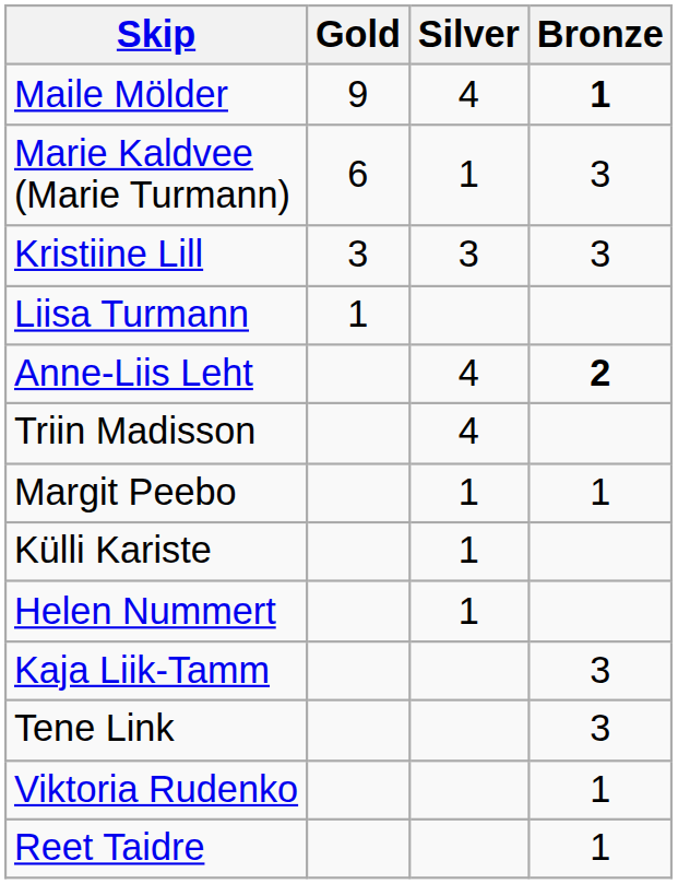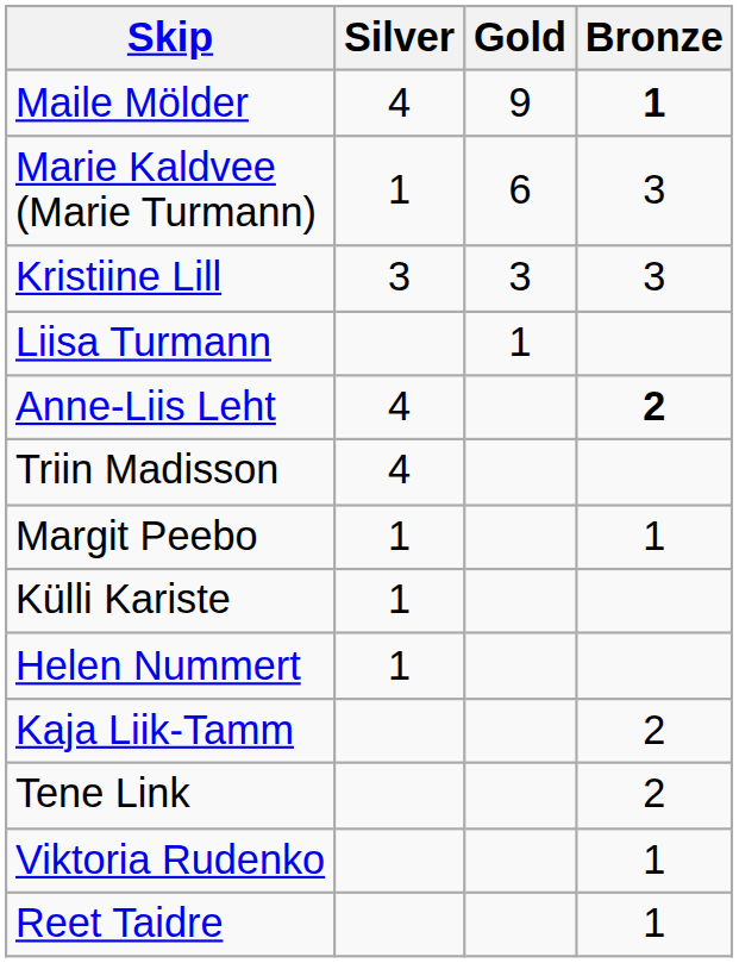 <table class="wikitable" style="text-align:center;">
 <tr>
 <th><a href='#'>Skip</a></th>
+<th>Silver</th>
 <th>Gold</th>
-<th>Silver</th>
 <th>Bronze</th>
 </tr>
 <tr>
 <td align="left"><a href='#'>Maile Mölder</a></td>
+<td>4</td>
 <td>9</td>
-<td>4</td>
 <td><strong>1</strong></td>
 </tr>
 <tr>
 <td align="left"><a href='#'>Marie Kaldvee</a><br>(Marie Turmann)</td>
+<td>1</td>
 <td>6</td>
-<td>1</td>
 <td>3</td>
 </tr>
 <tr>
 <td align="left"><a href='#'>Kristiine Lill</a></td>
 <td>3</td>
 <td>3</td>
 <td>3</td>
 </tr>
 <tr>
 <td align="left"><a href='#'>Liisa Turmann</a></td>
+<td></td>
+<td>1</td>
+<td></td>
+</tr>
+<tr>
+<td align="left"><a href='#'>Anne-Liis Leht</a></td>
+<td>4</td>
+<td></td>
+<td><strong>2</strong></td>
+</tr>
+<tr>
+<td align="left">Triin Madisson</td>
+<td>4</td>
+<td></td>
+<td></td>
+</tr>
+<tr>
+<td align="left">Margit Peebo</td>
+<td>1</td>
+<td></td>
+<td>1</td>
+</tr>
+<tr>
+<td align="left">Külli Kariste</td>
 <td>1</td>
 <td></td>
 <td></td>
 </tr>
 <tr>
-<td align="left"><a href='#'>Anne-Liis Leht</a></td>
-<td></td>
-<td>4</td>
-<td><strong>2</strong></td>
-</tr>
-<tr>
-<td align="left">Triin Madisson</td>
-<td></td>
-<td>4</td>
-<td></td>
-</tr>
-<tr>
-<td align="left">Margit Peebo</td>
-<td></td>
-<td>1</td>
-<td>1</td>
-</tr>
-<tr>
-<td align="left">Külli Kariste</td>
-<td></td>
+<td align="left"><a href='#'>Helen Nummert</a></td>
 <td>1</td>
 <td></td>
-</tr>
-<tr>
-<td align="left"><a href='#'>Helen Nummert</a></td>
-<td></td>
-<td>1</td>
 <td></td>
 </tr>
 <tr>
 <td align="left"><a href='#'>Kaja Liik-Tamm</a></td>
 <td></td>
 <td></td>
-<td>3</td>
+<td>2</td>
 </tr>
 <tr>
 <td align="left">Tene Link</td>
 <td></td>
 <td></td>
-<td>3</td>
+<td>2</td>
 </tr>
 <tr>
 <td align="left"><a href='#'>Viktoria Rudenko</a></td>
 <td></td>
 <td></td>
 <td>1</td>
 </tr>
 <tr>
 <td align="left"><a href='#'>Reet Taidre</a></td>
 <td></td>
 <td></td>
 <td>1<br></td>
 </tr>
 </table>
